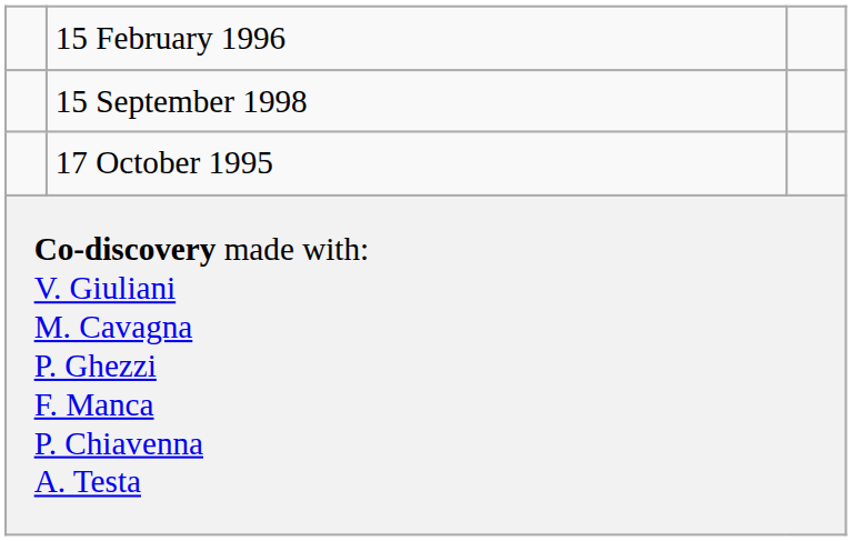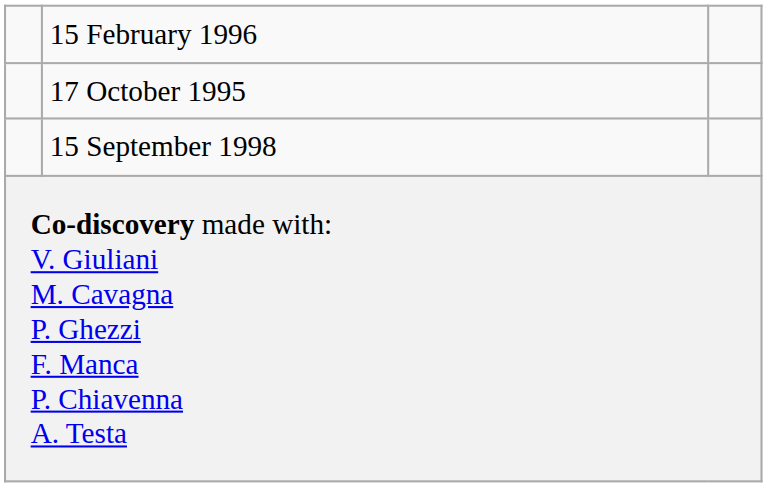 <table class="wikitable" style="font-size: 89%; float: left; width: 26em; margin-right: 1em;  height: 233px;">
 <tr>
 <td></td>
 <td>15 February 1996</td>
 <td> </td>
 </tr>
 <tr>
 <td></td>
-<td>15 September 1998</td>
+<td>17 October 1995</td>
 <td> </td>
 </tr>
 <tr>
 <td></td>
-<td>17 October 1995</td>
+<td>15 September 1998</td>
 <td> </td>
 </tr>
 <tr>
 <th colspan=3 style="font-weight: normal; text-align: left; padding: 4px 12px;"><strong>Co-discovery</strong> made with:<br> <a href='#'>V. Giuliani</a><br> <a href='#'>M. Cavagna</a><br> <a href='#'>P. Ghezzi</a><br> <a href='#'>F. Manca</a><br> <a href='#'>P. Chiavenna</a><br> <a href='#'>A. Testa</a></th>
 </tr>
 </table>
